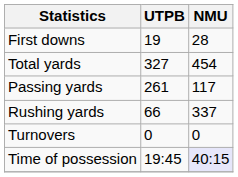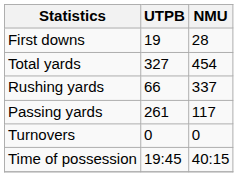 <table class="wikitable" style="float: left;">
 <tr>
 <th>Statistics</th>
 <th>UTPB</th>
 <th>NMU</th>
 </tr>
 <tr>
 <td>First downs</td>
 <td>19</td>
 <td>28</td>
 </tr>
 <tr>
 <td>Total yards</td>
 <td>327</td>
 <td>454</td>
 </tr>
 <tr>
+<td>Rushing yards</td>
+<td>66</td>
+<td>337</td>
+</tr>
+<tr>
 <td>Passing yards</td>
 <td>261</td>
 <td>117</td>
-</tr>
-<tr>
-<td>Rushing yards</td>
-<td>66</td>
-<td>337</td>
 </tr>
 <tr>
 <td>Turnovers</td>
 <td>0</td>
 <td>0</td>
 </tr>
 <tr>
 <td>Time of possession</td>
 <td>19:45</td>
-<td style="background: lavender;">40:15</td>
+<td>40:15</td>
 </tr>
 <tr>
 </tr>
 </table>
